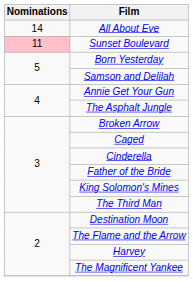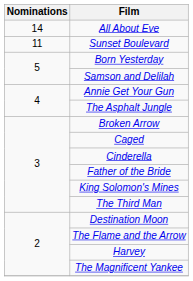 <table class="wikitable" rowspan="2" style="text-align:center;">
 <tr>
 <th scope="col" style="width:55px;">Nominations</th>
 <th scope="col" style="text-align:center;">Film</th>
 </tr>
 <tr>
 <td rowspan="1" style="text-align:center">14</td>
 <td><em><a href='#'>All About Eve</a></em></td>
 </tr>
 <tr>
-<td rowspan="1" style="background: pink; text-align:center">11</td>
+<td rowspan="1" style="text-align:center">11</td>
 <td><em><a href='#'>Sunset Boulevard</a></em></td>
 </tr>
 <tr>
 <td rowspan="2" style="text-align:center">5</td>
 <td><em><a href='#'>Born Yesterday</a></em></td>
 </tr>
 <tr>
 <td><em><a href='#'>Samson and Delilah</a></em></td>
 </tr>
 <tr>
 <td rowspan="2" style="text-align:center">4</td>
 <td><em><a href='#'>Annie Get Your Gun</a></em></td>
 </tr>
 <tr>
 <td><em><a href='#'>The Asphalt Jungle</a></em></td>
 </tr>
 <tr>
 <td rowspan="6" style="text-align:center">3</td>
 <td><em><a href='#'>Broken Arrow</a></em></td>
 </tr>
 <tr>
 <td><em><a href='#'>Caged</a></em></td>
 </tr>
 <tr>
 <td><em><a href='#'>Cinderella</a></em></td>
 </tr>
 <tr>
 <td><em><a href='#'>Father of the Bride</a></em></td>
 </tr>
 <tr>
 <td><em><a href='#'>King Solomon's Mines</a></em></td>
 </tr>
 <tr>
 <td><em><a href='#'>The Third Man</a></em></td>
 </tr>
 <tr>
 <td rowspan="4" style="text-align:center">2</td>
 <td><em><a href='#'>Destination Moon</a></em></td>
 </tr>
 <tr>
 <td><em><a href='#'>The Flame and the Arrow</a></em></td>
 </tr>
 <tr>
 <td><em><a href='#'>Harvey</a></em></td>
 </tr>
 <tr>
 <td><em><a href='#'>The Magnificent Yankee</a></em></td>
 </tr>
 <tr>
 </tr>
 </table>
